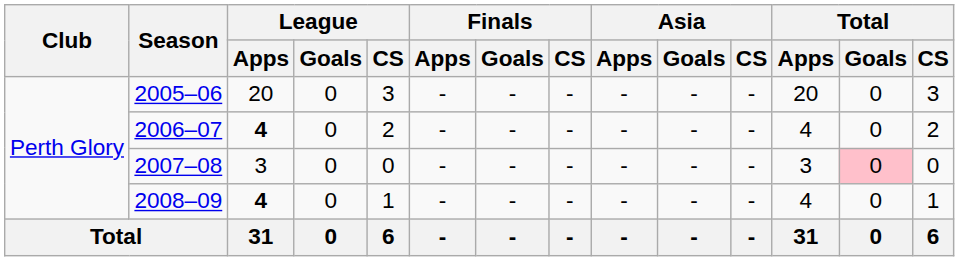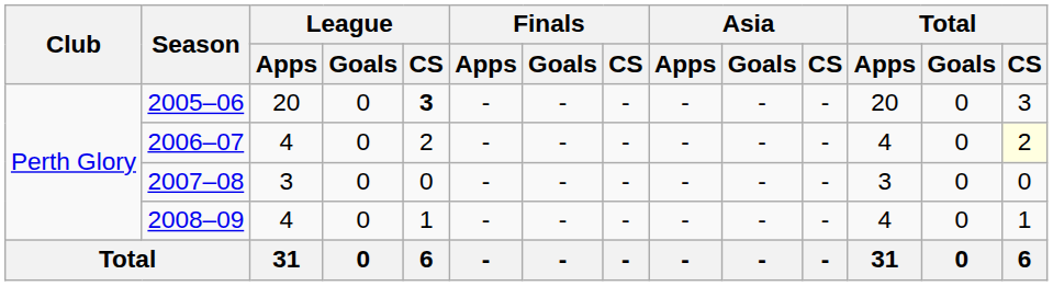 <table class="wikitable" style="text-align: center;">
 <tr>
 <th rowspan="2">Club</th>
 <th rowspan="2">Season</th>
 <th colspan="3">League</th>
 <th colspan="3">Finals</th>
 <th colspan="3">Asia</th>
 <th colspan="3">Total</th>
 </tr>
 <tr>
 <th>Apps</th>
 <th>Goals</th>
 <th>CS</th>
 <th>Apps</th>
 <th>Goals</th>
 <th>CS</th>
 <th>Apps</th>
 <th>Goals</th>
 <th>CS</th>
 <th>Apps</th>
 <th>Goals</th>
 <th>CS</th>
 </tr>
 <tr>
 <td rowspan="4" valign="center"><a href='#'>Perth Glory</a></td>
 <td><a href='#'>2005–06</a></td>
 <td>20</td>
 <td>0</td>
-<td>3</td>
+<td><strong>3</strong></td>
 <td>-</td>
 <td>-</td>
 <td>-</td>
 <td>-</td>
 <td>-</td>
 <td>-</td>
 <td>20</td>
 <td>0</td>
 <td>3</td>
 </tr>
 <tr>
 <td><a href='#'>2006–07</a></td>
-<td><strong>4</strong></td>
+<td>4</td>
 <td>0</td>
 <td>2</td>
 <td>-</td>
 <td>-</td>
 <td>-</td>
 <td>-</td>
 <td>-</td>
 <td>-</td>
 <td>4</td>
 <td>0</td>
-<td>2</td>
+<td style="background: lightyellow;">2</td>
 </tr>
 <tr>
 <td><a href='#'>2007–08</a></td>
 <td>3</td>
 <td>0</td>
 <td>0</td>
 <td>-</td>
 <td>-</td>
 <td>-</td>
 <td>-</td>
 <td>-</td>
 <td>-</td>
 <td>3</td>
-<td style="background: pink;">0</td>
+<td>0</td>
 <td>0</td>
 </tr>
 <tr>
 <td><a href='#'>2008–09</a></td>
-<td><strong>4</strong></td>
+<td>4</td>
 <td>0</td>
 <td>1</td>
 <td>-</td>
 <td>-</td>
 <td>-</td>
 <td>-</td>
 <td>-</td>
 <td>-</td>
 <td>4</td>
 <td>0</td>
 <td>1</td>
 </tr>
 <tr>
 <th colspan="2">Total</th>
 <th>31</th>
 <th>0</th>
 <th>6</th>
 <th>-</th>
 <th>-</th>
 <th>-</th>
 <th>-</th>
 <th>-</th>
 <th>-</th>
 <th>31</th>
 <th>0</th>
 <th>6</th>
 </tr>
 </table>
